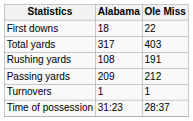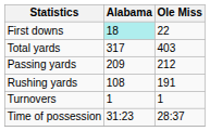 <table class="wikitable" style="float: left;">
 <tr>
 <th>Statistics</th>
 <th>Alabama</th>
 <th>Ole Miss</th>
 </tr>
 <tr>
 <td>First downs</td>
-<td>18</td>
+<td style="background: paleturquoise;">18</td>
 <td>22</td>
 </tr>
 <tr>
 <td>Total yards</td>
 <td>317</td>
 <td>403</td>
 </tr>
 <tr>
+<td>Passing yards</td>
+<td>209</td>
+<td>212</td>
+</tr>
+<tr>
 <td>Rushing yards</td>
 <td>108</td>
 <td>191</td>
-</tr>
-<tr>
-<td>Passing yards</td>
-<td>209</td>
-<td>212</td>
 </tr>
 <tr>
 <td>Turnovers</td>
 <td>1</td>
 <td>1</td>
 </tr>
 <tr>
 <td>Time of possession</td>
 <td>31:23</td>
 <td>28:37</td>
 </tr>
 <tr>
 </tr>
 </table>
